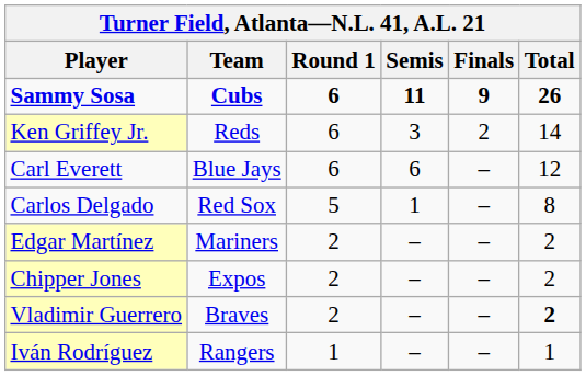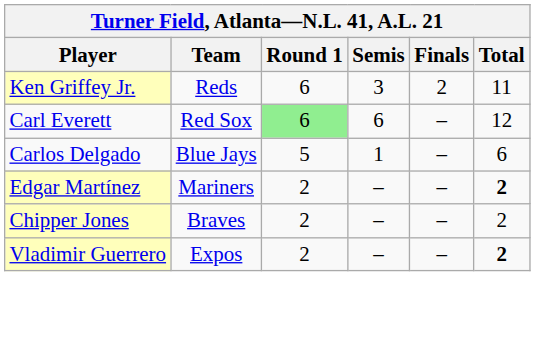 <table class="wikitable" style="text-align:right;">
 <tr>
 <th colspan="6"><a href='#'>Turner Field</a>, Atlanta—N.L. 41, A.L. 21</th>
 </tr>
 <tr>
 <th>Player</th>
 <th>Team</th>
 <th>Round 1</th>
 <th>Semis</th>
 <th>Finals</th>
 <th>Total</th>
 </tr>
 <tr>
-<td align="left"><strong><a href='#'>Sammy Sosa</a></strong></td>
-<td style="text-align:center;"><strong><a href='#'>Cubs</a></strong></td>
-<td style="text-align:center;"><strong>6</strong></td>
-<td style="text-align:center;"><strong>11</strong></td>
-<td style="text-align:center;"><strong>9</strong></td>
-<td style="text-align:center;"><strong>26</strong></td>
-</tr>
-<tr>
 <td align="left" style="background:#ffb"><a href='#'>Ken Griffey Jr.</a></td>
 <td style="text-align:center;"><a href='#'>Reds</a></td>
 <td style="text-align:center;">6</td>
 <td style="text-align:center;">3</td>
 <td style="text-align:center;">2</td>
-<td style="text-align:center;">14</td>
+<td style="text-align:center;">11</td>
 </tr>
 <tr>
 <td align="left"><a href='#'>Carl Everett</a></td>
-<td style="text-align:center;"><a href='#'>Blue Jays</a></td>
-<td style="text-align:center;">6</td>
+<td style="text-align:center;"><a href='#'>Red Sox</a></td>
+<td style="background: lightgreen; text-align:center;">6</td>
 <td style="text-align:center;">6</td>
 <td style="text-align:center;">–</td>
 <td style="text-align:center;">12</td>
 </tr>
 <tr>
 <td align="left"><a href='#'>Carlos Delgado</a></td>
-<td style="text-align:center;"><a href='#'>Red Sox</a></td>
+<td style="text-align:center;"><a href='#'>Blue Jays</a></td>
 <td style="text-align:center;">5</td>
 <td style="text-align:center;">1</td>
 <td style="text-align:center;">–</td>
-<td style="text-align:center;">8</td>
+<td style="text-align:center;">6</td>
 </tr>
 <tr>
 <td align="left" style="background:#ffb"><a href='#'>Edgar Martínez</a></td>
 <td style="text-align:center;"><a href='#'>Mariners</a></td>
 <td style="text-align:center;">2</td>
 <td style="text-align:center;">–</td>
 <td style="text-align:center;">–</td>
-<td style="text-align:center;">2</td>
+<td style="text-align:center;"><strong>2</strong></td>
 </tr>
 <tr>
 <td align="left" style="background:#ffb"><a href='#'>Chipper Jones</a></td>
-<td style="text-align:center;"><a href='#'>Expos</a></td>
+<td style="text-align:center;"><a href='#'>Braves</a></td>
 <td style="text-align:center;">2</td>
 <td style="text-align:center;">–</td>
 <td style="text-align:center;">–</td>
 <td style="text-align:center;">2</td>
 </tr>
 <tr>
 <td align="left" style="background:#ffb"><a href='#'>Vladimir Guerrero</a></td>
-<td style="text-align:center;"><a href='#'>Braves</a></td>
+<td style="text-align:center;"><a href='#'>Expos</a></td>
 <td style="text-align:center;">2</td>
 <td style="text-align:center;">–</td>
 <td style="text-align:center;">–</td>
 <td style="text-align:center;"><strong>2</strong></td>
 </tr>
-<tr>
-<td align="left" style="background:#ffb"><a href='#'>Iván Rodríguez</a></td>
-<td style="text-align:center;"><a href='#'>Rangers</a></td>
-<td style="text-align:center;">1</td>
-<td style="text-align:center;">–</td>
-<td style="text-align:center;">–</td>
-<td style="text-align:center;">1</td>
-</tr>
 </table>
